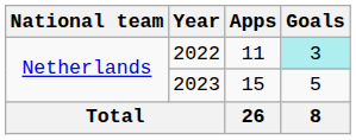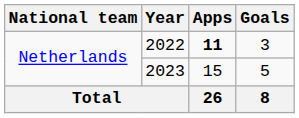 <table class="wikitable" style="text-align:center">
 <tr>
 <th>National team</th>
 <th>Year</th>
 <th>Apps</th>
 <th>Goals</th>
 </tr>
 <tr>
 <td rowspan="2"><a href='#'>Netherlands</a></td>
 <td>2022</td>
-<td>11</td>
-<td style="background: paleturquoise;">3</td>
+<td><strong>11</strong></td>
+<td>3</td>
 </tr>
 <tr>
 <td>2023</td>
 <td>15</td>
 <td>5</td>
 </tr>
 <tr>
 <th colspan="2">Total</th>
 <th>26</th>
 <th>8</th>
 </tr>
 </table>
